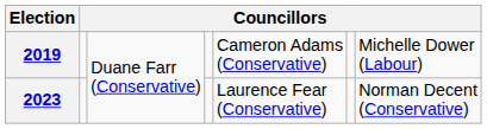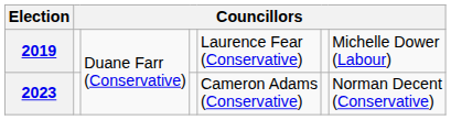 <table class="wikitable">
 <tr>
 <th>Election</th>
 <th colspan="6">Councillors</th>
 </tr>
 <tr>
 <th><a href='#'>2019</a></th>
 <td style="background-color: "></td>
 <td rowspan="2">Duane Farr<br>(<a href='#'>Conservative</a>)</td>
 <td style="background-color: "></td>
-<td>Cameron Adams<br>(<a href='#'>Conservative</a>)</td>
+<td>Laurence Fear<br>(<a href='#'>Conservative</a>)</td>
 <td style="background-color: "></td>
 <td rowspan="1">Michelle Dower<br>(<a href='#'>Labour</a>)</td>
 </tr>
 <tr>
 <th><a href='#'>2023</a></th>
 <td style="background-color: "></td>
 <td style="background-color: "></td>
-<td>Laurence Fear<br>(<a href='#'>Conservative</a>)</td>
+<td>Cameron Adams<br>(<a href='#'>Conservative</a>)</td>
 <td rowspan="1;" style="background-color: "></td>
 <td>Norman Decent<br>(<a href='#'>Conservative</a>)</td>
 </tr>
 </table>
